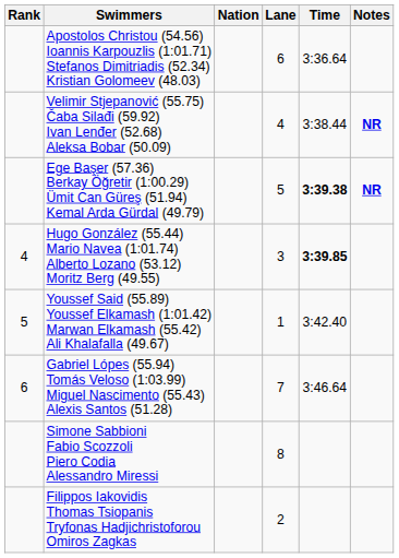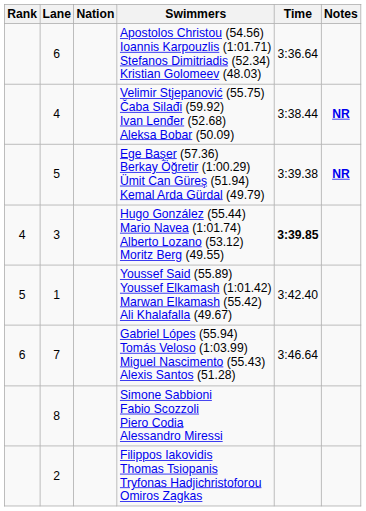 <table class="wikitable sortable" style="text-align:center">
 <tr>
 <th>Rank</th>
+<th>Lane</th>
+<th>Nation</th>
 <th>Swimmers</th>
-<th>Nation</th>
-<th>Lane</th>
 <th>Time</th>
 <th>Notes</th>
 </tr>
 <tr>
 <td></td>
+<td>6</td>
+<td align="left"></td>
 <td align="left"><a href='#'>Apostolos Christou</a> (54.56)<br><a href='#'>Ioannis Karpouzlis</a> (1:01.71)<br><a href='#'>Stefanos Dimitriadis</a> (52.34)<br><a href='#'>Kristian Golomeev</a> (48.03)</td>
-<td align="left"></td>
-<td>6</td>
 <td>3:36.64</td>
 <td></td>
 </tr>
 <tr>
 <td></td>
+<td>4</td>
+<td align="left"></td>
 <td align="left"><a href='#'>Velimir Stjepanović</a> (55.75)<br><a href='#'>Čaba Silađi</a> (59.92)<br><a href='#'>Ivan Lenđer</a> (52.68)<br><a href='#'>Aleksa Bobar</a> (50.09)</td>
-<td align="left"></td>
-<td>4</td>
 <td>3:38.44</td>
 <td><strong><a href='#'>NR</a></strong></td>
 </tr>
 <tr>
 <td></td>
+<td>5</td>
+<td align="left"></td>
 <td align="left"><a href='#'>Ege Başer</a> (57.36)<br><a href='#'>Berkay Öğretir</a> (1:00.29)<br><a href='#'>Ümit Can Güreş</a> (51.94)<br><a href='#'>Kemal Arda Gürdal</a> (49.79)</td>
-<td align="left"></td>
-<td>5</td>
-<td><strong>3:39.38</strong></td>
+<td>3:39.38</td>
 <td><strong><a href='#'>NR</a></strong></td>
 </tr>
 <tr>
 <td>4</td>
+<td>3</td>
+<td align="left"></td>
 <td align="left"><a href='#'>Hugo González</a> (55.44)<br><a href='#'>Mario Navea</a> (1:01.74)<br><a href='#'>Alberto Lozano</a> (53.12)<br><a href='#'>Moritz Berg</a> (49.55)</td>
-<td align="left"></td>
-<td>3</td>
 <td><strong>3:39.85</strong></td>
 <td></td>
 </tr>
 <tr>
 <td>5</td>
+<td>1</td>
+<td align="left"></td>
 <td align="left"><a href='#'>Youssef Said</a> (55.89)<br><a href='#'>Youssef Elkamash</a> (1:01.42)<br><a href='#'>Marwan Elkamash</a> (55.42)<br><a href='#'>Ali Khalafalla</a> (49.67)</td>
-<td align="left"></td>
-<td>1</td>
 <td>3:42.40</td>
 <td></td>
 </tr>
 <tr>
 <td>6</td>
+<td>7</td>
+<td align="left"></td>
 <td align="left"><a href='#'>Gabriel Lópes</a> (55.94)<br><a href='#'>Tomás Veloso</a> (1:03.99)<br><a href='#'>Miguel Nascimento</a> (55.43)<br><a href='#'>Alexis Santos</a> (51.28)</td>
-<td align="left"></td>
-<td>7</td>
 <td>3:46.64</td>
 <td></td>
 </tr>
 <tr>
 <td></td>
+<td>8</td>
+<td align="left"></td>
 <td align="left"><a href='#'>Simone Sabbioni</a><br><a href='#'>Fabio Scozzoli</a><br><a href='#'>Piero Codia</a><br><a href='#'>Alessandro Miressi</a></td>
-<td align="left"></td>
-<td>8</td>
 <td></td>
 <td></td>
 </tr>
 <tr>
 <td></td>
+<td>2</td>
+<td align="left"></td>
 <td align="left"><a href='#'>Filippos Iakovidis</a><br><a href='#'>Thomas Tsiopanis</a><br><a href='#'>Tryfonas Hadjichristoforou</a><br><a href='#'>Omiros Zagkas</a></td>
-<td align="left"></td>
-<td>2</td>
 <td></td>
 <td></td>
 </tr>
 </table>
